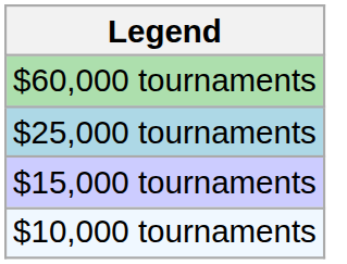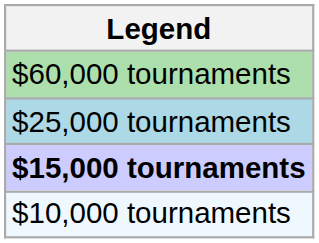 <table class=wikitable style=font-size:85%>
 <tr>
 <th>Legend</th>
 </tr>
 <tr bgcolor=addfad>
 <td>$60,000 tournaments</td>
 </tr>
 <tr bgcolor=lightblue>
 <td>$25,000 tournaments</td>
 </tr>
 <tr bgcolor=#ccf>
-<td>$15,000 tournaments</td>
+<td><strong>$15,000 tournaments</strong></td>
 </tr>
 <tr bgcolor=f0f8ff>
 <td>$10,000 tournaments</td>
 </tr>
 </table>
